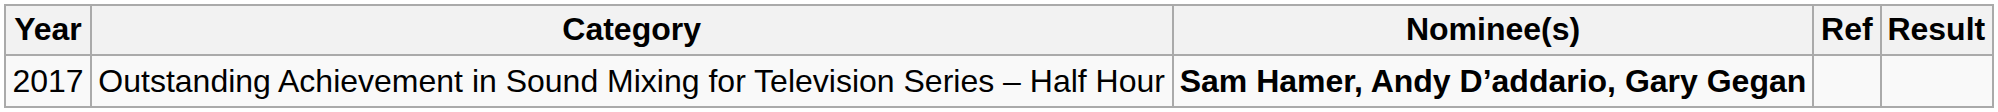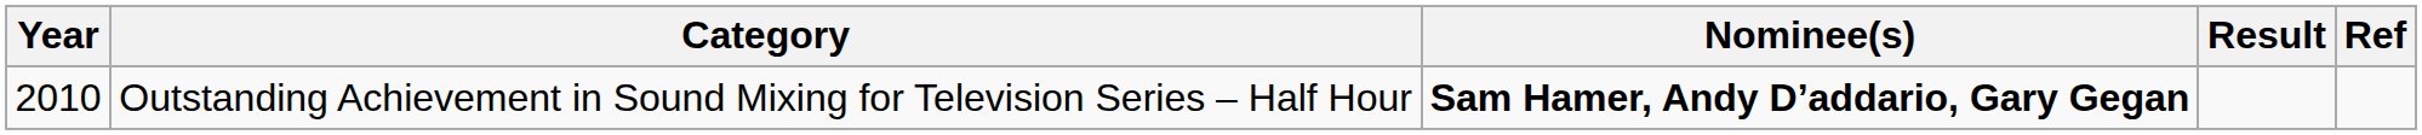 <table class="wikitable">
 <tr>
 <th>Year</th>
 <th>Category</th>
 <th>Nominee(s)</th>
+<th>Result</th>
 <th>Ref</th>
-<th>Result</th>
 </tr>
 <tr>
-<td>2017</td>
+<td>2010</td>
 <td>Outstanding Achievement in Sound Mixing for Television Series – Half Hour</td>
 <td><strong>Sam Hamer, Andy D’addario, Gary Gegan</strong></td>
 <td></td>
 <td></td>
 </tr>
 </table>
